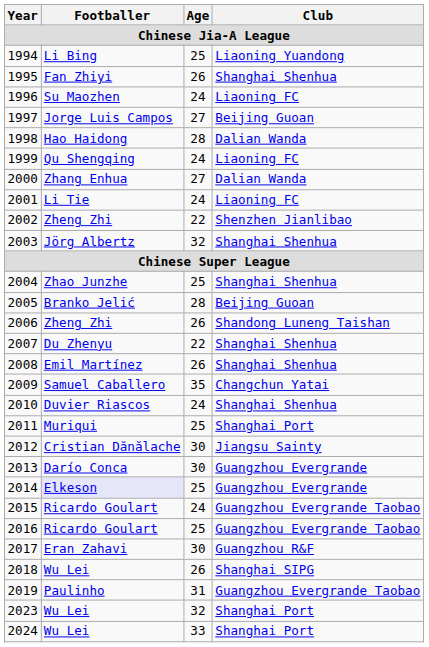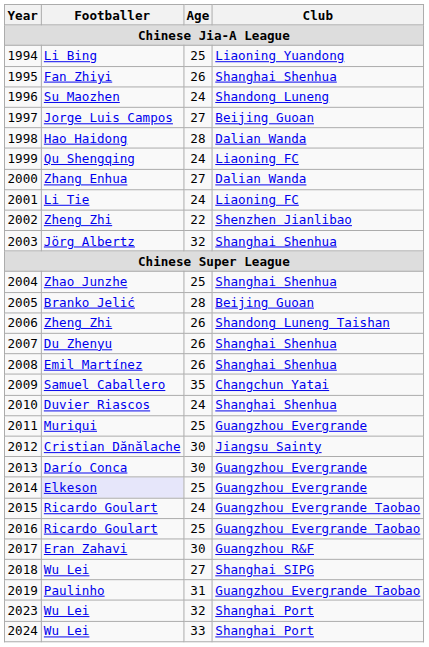 <table class="wikitable">
 <tr>
 <th>Year</th>
 <th>Footballer</th>
 <th>Age</th>
 <th>Club</th>
 </tr>
 <tr style="background:#ddd;">
 <td colspan="4" style="text-align:center"><strong>Chinese Jia-A League</strong></td>
 </tr>
 <tr>
 <td>1994</td>
 <td> <a href='#'>Li Bing</a></td>
 <td align=center>25</td>
 <td><a href='#'>Liaoning Yuandong</a></td>
 </tr>
 <tr>
 <td>1995</td>
 <td> <a href='#'>Fan Zhiyi</a></td>
 <td align=center>26</td>
 <td><a href='#'>Shanghai Shenhua</a></td>
 </tr>
 <tr>
 <td>1996</td>
 <td> <a href='#'>Su Maozhen</a></td>
 <td align=center>24</td>
-<td><a href='#'>Liaoning FC</a></td>
+<td><a href='#'>Shandong Luneng</a></td>
 </tr>
 <tr>
 <td>1997</td>
 <td> <a href='#'>Jorge Luis Campos</a></td>
 <td align=center>27</td>
 <td><a href='#'>Beijing Guoan</a></td>
 </tr>
 <tr>
 <td>1998</td>
 <td> <a href='#'>Hao Haidong</a></td>
 <td align=center>28</td>
 <td><a href='#'>Dalian Wanda</a></td>
 </tr>
 <tr>
 <td>1999</td>
 <td> <a href='#'>Qu Shengqing</a></td>
 <td align=center>24</td>
 <td><a href='#'>Liaoning FC</a></td>
 </tr>
 <tr>
 <td>2000</td>
 <td> <a href='#'>Zhang Enhua</a></td>
 <td align=center>27</td>
 <td><a href='#'>Dalian Wanda</a></td>
 </tr>
 <tr>
 <td>2001</td>
 <td> <a href='#'>Li Tie</a></td>
 <td align=center>24</td>
 <td><a href='#'>Liaoning FC</a></td>
 </tr>
 <tr>
 <td>2002</td>
 <td> <a href='#'>Zheng Zhi</a></td>
 <td align=center>22</td>
 <td><a href='#'>Shenzhen Jianlibao</a></td>
 </tr>
 <tr>
 <td>2003</td>
 <td> <a href='#'>Jörg Albertz</a></td>
 <td align=center>32</td>
 <td><a href='#'>Shanghai Shenhua</a></td>
 </tr>
 <tr style="background:#ddd;">
 <td colspan="4" style="text-align:center"><strong>Chinese Super League</strong></td>
 </tr>
 <tr>
 <td>2004</td>
 <td> <a href='#'>Zhao Junzhe</a></td>
 <td align=center>25</td>
 <td><a href='#'>Shanghai Shenhua</a></td>
 </tr>
 <tr>
 <td>2005</td>
 <td> <a href='#'>Branko Jelić</a></td>
 <td align=center>28</td>
 <td><a href='#'>Beijing Guoan</a></td>
 </tr>
 <tr>
 <td>2006</td>
 <td> <a href='#'>Zheng Zhi</a></td>
 <td align=center>26</td>
 <td><a href='#'>Shandong Luneng Taishan</a></td>
 </tr>
 <tr>
 <td>2007</td>
 <td> <a href='#'>Du Zhenyu</a></td>
-<td align=center>22</td>
+<td align=center>26</td>
 <td><a href='#'>Shanghai Shenhua</a></td>
 </tr>
 <tr>
 <td>2008</td>
 <td> <a href='#'>Emil Martínez</a></td>
 <td align=center>26</td>
 <td><a href='#'>Shanghai Shenhua</a></td>
 </tr>
 <tr>
 <td>2009</td>
 <td> <a href='#'>Samuel Caballero</a></td>
 <td align=center>35</td>
 <td><a href='#'>Changchun Yatai</a></td>
 </tr>
 <tr>
 <td>2010</td>
 <td> <a href='#'>Duvier Riascos</a></td>
 <td align=center>24</td>
 <td><a href='#'>Shanghai Shenhua</a></td>
 </tr>
 <tr>
 <td>2011</td>
 <td> <a href='#'>Muriqui</a></td>
 <td align=center>25</td>
-<td><a href='#'>Shanghai Port</a></td>
+<td><a href='#'>Guangzhou Evergrande</a></td>
 </tr>
 <tr>
 <td>2012</td>
 <td> <a href='#'>Cristian Dănălache</a></td>
 <td align=center>30</td>
 <td><a href='#'>Jiangsu Sainty</a></td>
 </tr>
 <tr>
 <td>2013</td>
 <td> <a href='#'>Darío Conca</a></td>
 <td align=center>30</td>
 <td><a href='#'>Guangzhou Evergrande</a></td>
 </tr>
 <tr>
 <td>2014</td>
 <td style="background: lavender;"> <a href='#'>Elkeson</a></td>
 <td align=center>25</td>
 <td><a href='#'>Guangzhou Evergrande</a></td>
 </tr>
 <tr>
 <td>2015</td>
 <td> <a href='#'>Ricardo Goulart</a></td>
 <td align=center>24</td>
 <td><a href='#'>Guangzhou Evergrande Taobao</a></td>
 </tr>
 <tr>
 <td>2016</td>
 <td> <a href='#'>Ricardo Goulart</a></td>
 <td align=center>25</td>
 <td><a href='#'>Guangzhou Evergrande Taobao</a></td>
 </tr>
 <tr>
 <td>2017</td>
 <td> <a href='#'>Eran Zahavi</a></td>
 <td align=center>30</td>
 <td><a href='#'>Guangzhou R&F</a></td>
 </tr>
 <tr>
 <td>2018</td>
 <td> <a href='#'>Wu Lei</a></td>
-<td align=center>26</td>
+<td align=center>27</td>
 <td><a href='#'>Shanghai SIPG</a></td>
 </tr>
 <tr>
 <td>2019</td>
 <td> <a href='#'>Paulinho</a></td>
 <td align=center>31</td>
 <td><a href='#'>Guangzhou Evergrande Taobao</a></td>
 </tr>
 <tr>
 <td>2023</td>
 <td> <a href='#'>Wu Lei</a></td>
 <td align=center>32</td>
 <td><a href='#'>Shanghai Port</a></td>
 </tr>
 <tr>
 <td>2024</td>
 <td> <a href='#'>Wu Lei</a></td>
 <td align=center>33</td>
 <td><a href='#'>Shanghai Port</a></td>
 </tr>
 </table>
